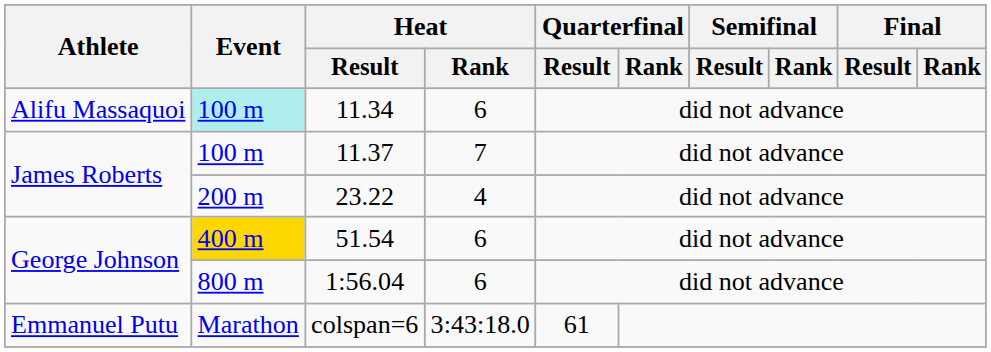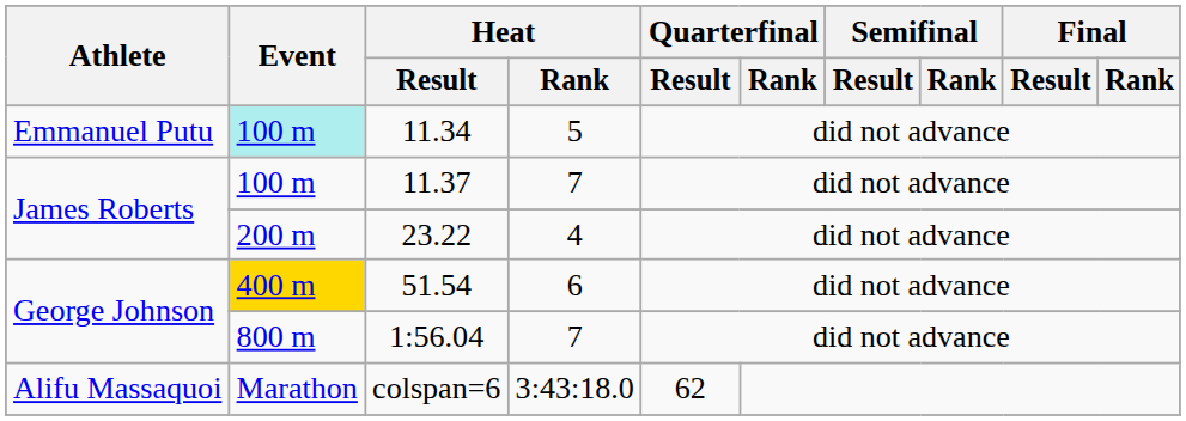 <table class="wikitable" style="font-size:90%">
 <tr>
 <th rowspan="2">Athlete</th>
 <th rowspan="2">Event</th>
 <th colspan="2">Heat</th>
 <th colspan="2">Quarterfinal</th>
 <th colspan="2">Semifinal</th>
 <th colspan="2">Final</th>
 </tr>
 <tr style="font-size:95%">
 <th>Result</th>
 <th>Rank</th>
 <th>Result</th>
 <th>Rank</th>
 <th>Result</th>
 <th>Rank</th>
 <th>Result</th>
 <th>Rank</th>
 </tr>
 <tr align=center>
-<td align=left><a href='#'>Alifu Massaquoi</a></td>
+<td align=left><a href='#'>Emmanuel Putu</a></td>
 <td align=left style="background: paleturquoise;"><a href='#'>100 m</a></td>
 <td>11.34</td>
-<td>6</td>
+<td>5</td>
 <td colspan=6>did not advance</td>
 </tr>
 <tr align=center>
 <td align=left rowspan=2><a href='#'>James Roberts</a></td>
 <td align=left><a href='#'>100 m</a></td>
 <td>11.37</td>
 <td>7</td>
 <td colspan=6>did not advance</td>
 </tr>
 <tr align=center>
 <td align=left><a href='#'>200 m</a></td>
 <td>23.22</td>
 <td>4</td>
 <td colspan=6>did not advance</td>
 </tr>
 <tr align=center>
 <td align=left rowspan=2><a href='#'>George Johnson</a></td>
 <td align=left style="background: gold;"><a href='#'>400 m</a></td>
 <td>51.54</td>
 <td>6</td>
 <td colspan=6>did not advance</td>
 </tr>
 <tr align=center>
 <td align=left><a href='#'>800 m</a></td>
 <td>1:56.04</td>
-<td>6</td>
+<td>7</td>
 <td colspan=6>did not advance</td>
 </tr>
 <tr align=center>
-<td align=left><a href='#'>Emmanuel Putu</a></td>
+<td align=left><a href='#'>Alifu Massaquoi</a></td>
 <td align=left><a href='#'>Marathon</a></td>
 <td>colspan=6 </td>
 <td>3:43:18.0</td>
-<td>61</td>
+<td>62</td>
 </tr>
 </table>
